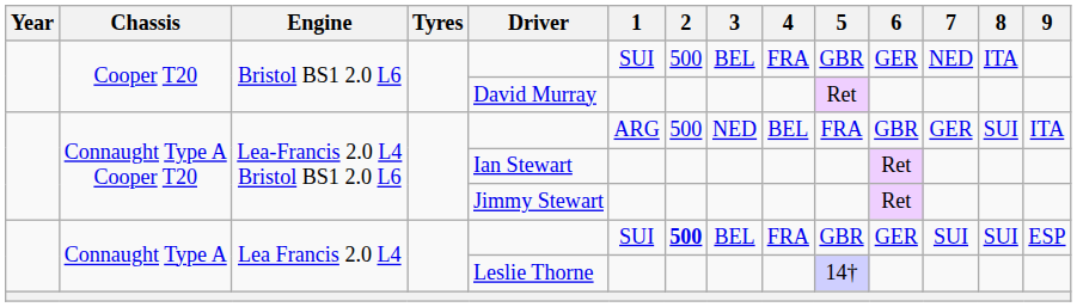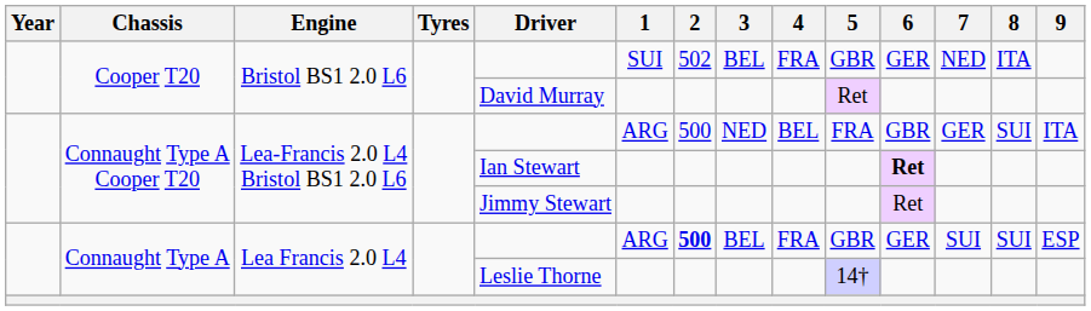 <table class="wikitable" style="text-align:center; font-size:85%">
 <tr>
 <th>Year</th>
 <th>Chassis</th>
 <th>Engine</th>
 <th>Tyres</th>
 <th>Driver</th>
 <th>1</th>
 <th>2</th>
 <th>3</th>
 <th>4</th>
 <th>5</th>
 <th>6</th>
 <th>7</th>
 <th>8</th>
 <th>9</th>
 </tr>
 <tr>
 <td rowspan="2"></td>
 <td rowspan="2"><a href='#'>Cooper</a> <a href='#'>T20</a></td>
 <td rowspan="2"><a href='#'>Bristol</a> BS1 2.0 <a href='#'>L6</a></td>
 <td rowspan="2"></td>
 <td></td>
 <td><a href='#'>SUI</a></td>
-<td><a href='#'>500</a></td>
+<td><a href='#'>502</a></td>
 <td><a href='#'>BEL</a></td>
 <td><a href='#'>FRA</a></td>
 <td><a href='#'>GBR</a></td>
 <td><a href='#'>GER</a></td>
 <td><a href='#'>NED</a></td>
 <td><a href='#'>ITA</a></td>
 <td></td>
 </tr>
 <tr>
 <td align="left"> <a href='#'>David Murray</a></td>
 <td></td>
 <td></td>
 <td></td>
 <td></td>
 <td style="background:#efcfff;">Ret</td>
 <td></td>
 <td></td>
 <td></td>
 <td></td>
 </tr>
 <tr>
 <td rowspan="3"></td>
 <td rowspan="3"><a href='#'>Connaught</a> <a href='#'>Type A</a><br><a href='#'>Cooper</a> <a href='#'>T20</a></td>
 <td rowspan="3"><a href='#'>Lea-Francis</a> 2.0 <a href='#'>L4</a><br><a href='#'>Bristol</a> BS1 2.0 <a href='#'>L6</a></td>
 <td rowspan="3"></td>
 <td></td>
 <td><a href='#'>ARG</a></td>
 <td><a href='#'>500</a></td>
 <td><a href='#'>NED</a></td>
 <td><a href='#'>BEL</a></td>
 <td><a href='#'>FRA</a></td>
 <td><a href='#'>GBR</a></td>
 <td><a href='#'>GER</a></td>
 <td><a href='#'>SUI</a></td>
 <td><a href='#'>ITA</a></td>
 </tr>
 <tr>
 <td align="left"> <a href='#'>Ian Stewart</a></td>
 <td></td>
 <td></td>
 <td></td>
 <td></td>
 <td></td>
-<td style="background:#efcfff;">Ret</td>
+<td style="background:#efcfff;"><strong>Ret</strong></td>
 <td></td>
 <td></td>
 <td></td>
 </tr>
 <tr>
 <td align="left"> <a href='#'>Jimmy Stewart</a></td>
 <td></td>
 <td></td>
 <td></td>
 <td></td>
 <td></td>
 <td style="background:#efcfff;">Ret</td>
 <td></td>
 <td></td>
 <td></td>
 </tr>
 <tr>
 <td rowspan="2"></td>
 <td rowspan="2"><a href='#'>Connaught</a> <a href='#'>Type A</a></td>
 <td rowspan="2"><a href='#'>Lea Francis</a> 2.0 <a href='#'>L4</a></td>
 <td rowspan="2"></td>
 <td></td>
-<td><a href='#'>SUI</a></td>
+<td><a href='#'>ARG</a></td>
 <td><strong><a href='#'>500</a></strong></td>
 <td><a href='#'>BEL</a></td>
 <td><a href='#'>FRA</a></td>
 <td><a href='#'>GBR</a></td>
 <td><a href='#'>GER</a></td>
 <td><a href='#'>SUI</a></td>
 <td><a href='#'>SUI</a></td>
 <td><a href='#'>ESP</a></td>
 </tr>
 <tr>
 <td align="left"> <a href='#'>Leslie Thorne</a></td>
 <td></td>
 <td></td>
 <td></td>
 <td></td>
 <td style="background:#CFCFFF;">14†</td>
 <td></td>
 <td></td>
 <td></td>
 <td></td>
 </tr>
 <tr>
 <th colspan="14"></th>
 </tr>
 </table>
